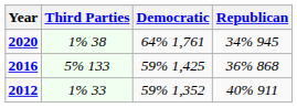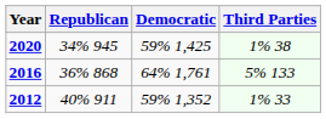 <table class="wikitable" style="float:right; font-size:95%;">
 <tr bgcolor=lightgrey>
 <th>Year</th>
+<th><a href='#'>Republican</a></th>
+<th><a href='#'>Democratic</a></th>
 <th><a href='#'>Third Parties</a></th>
-<th><a href='#'>Democratic</a></th>
-<th><a href='#'>Republican</a></th>
 </tr>
 <tr>
 <td style="text-align:center; "><strong><a href='#'>2020</a></strong></td>
+<td style="text-align:center; "><em>34%</em> <em>945</em></td>
+<td style="text-align:center; "><em>59%</em> <em>1,425</em></td>
 <td style="text-align:center; background:honeyDew;"><em>1%</em> <em>38</em></td>
-<td style="text-align:center; "><em>64%</em> <em>1,761</em></td>
-<td style="text-align:center; "><em>34%</em> <em>945</em></td>
 </tr>
 <tr>
 <td style="text-align:center; "><strong><a href='#'>2016</a></strong></td>
+<td style="text-align:center; "><em>36%</em> <em>868</em></td>
+<td style="text-align:center; "><em>64%</em> <em>1,761</em></td>
 <td style="text-align:center; background:honeyDew;"><em>5%</em> <em>133</em></td>
-<td style="text-align:center; "><em>59%</em> <em>1,425</em></td>
-<td style="text-align:center; "><em>36%</em> <em>868</em></td>
 </tr>
 <tr>
 <td style="text-align:center; "><strong><a href='#'>2012</a></strong></td>
+<td style="text-align:center; "><em>40%</em> <em>911</em></td>
+<td style="text-align:center; "><em>59%</em> <em>1,352</em></td>
 <td style="text-align:center; background:honeyDew;"><em>1%</em> <em>33</em></td>
-<td style="text-align:center; "><em>59%</em> <em>1,352</em></td>
-<td style="text-align:center; "><em>40%</em> <em>911</em></td>
 </tr>
 </table>
